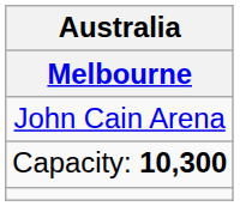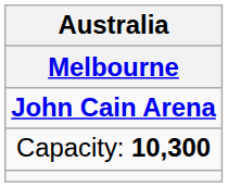 <table class="wikitable" style="text-align:center">
 <tr>
 <th> Australia</th>
 </tr>
 <tr>
 <th><a href='#'>Melbourne</a></th>
 </tr>
 <tr>
-<td><a href='#'>John Cain Arena</a></td>
+<td><strong><a href='#'>John Cain Arena</a></strong></td>
 </tr>
 <tr>
 <td>Capacity: <strong>10,300</strong></td>
 </tr>
 <tr>
 <td></td>
 </tr>
 </table>
